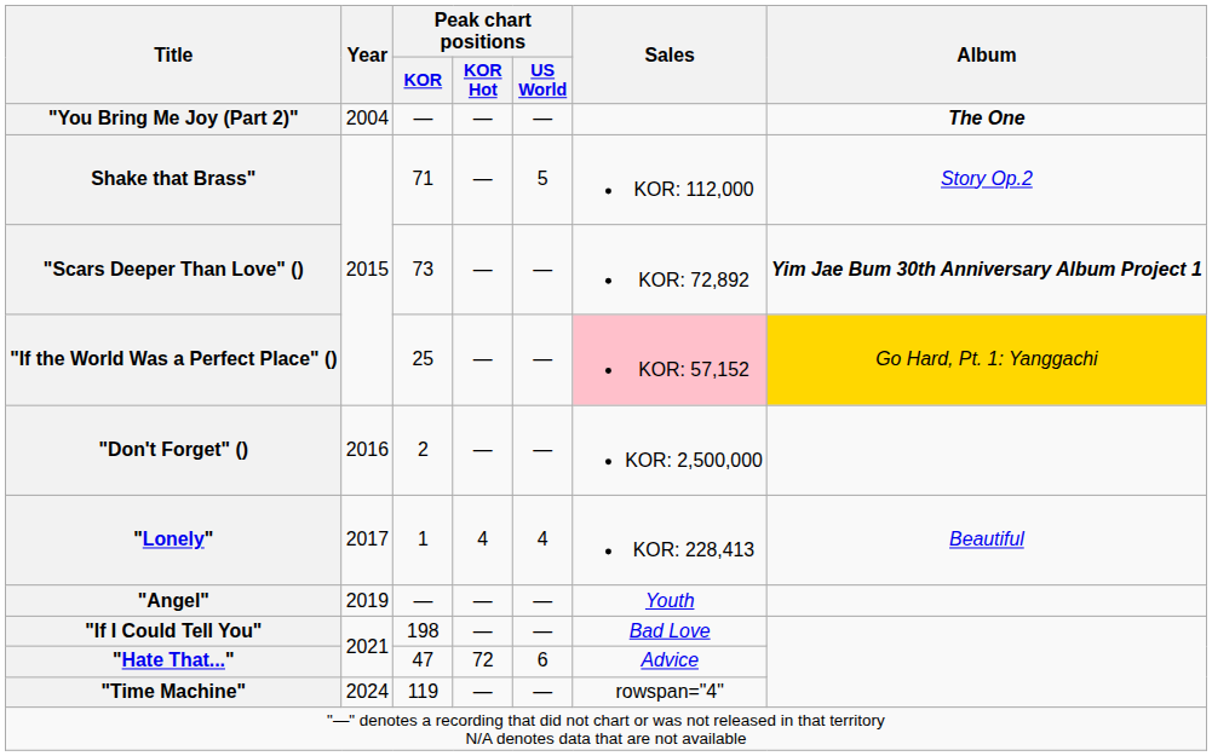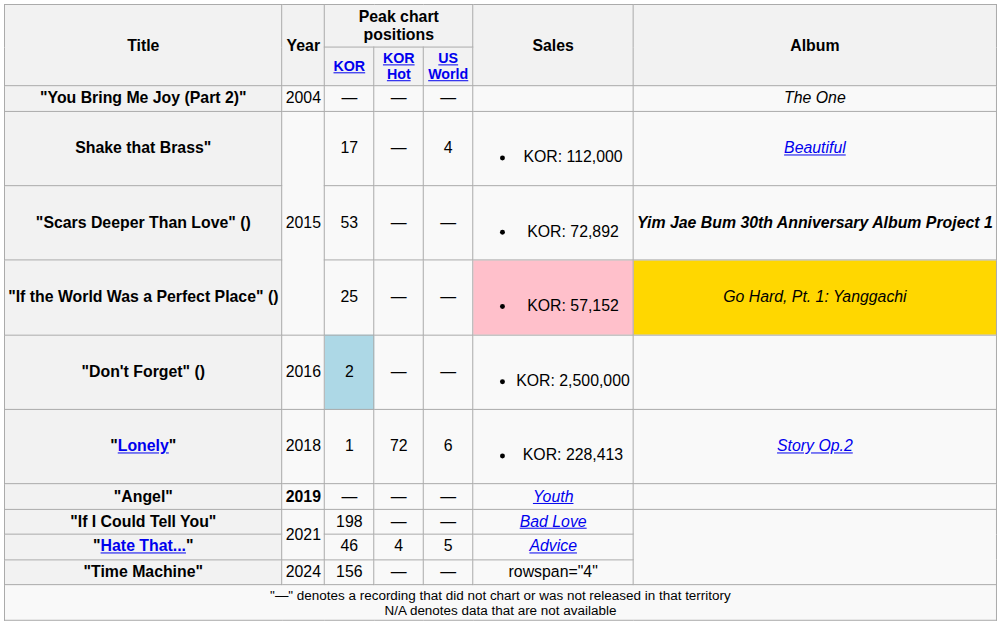 <table class="wikitable plainrowheaders" style="text-align:center">
 <tr>
 <th scope="col" rowspan="2">Title</th>
 <th scope="col" rowspan="2">Year</th>
 <th scope="col" colspan="3">Peak chart<br>positions</th>
 <th scope="col" rowspan="2">Sales</th>
 <th scope="col" rowspan="2">Album</th>
 </tr>
 <tr>
 <th scope="col" style="font-size:90%; width:3em"><a href='#'>KOR</a><br></th>
 <th scope="col" style="font-size:90%; width:3em"><a href='#'>KOR<br>Hot</a><br></th>
 <th scope="col" style="font-size:90%; width:3em"><a href='#'>US<br>World</a><br></th>
 </tr>
 <tr>
 <th scope="row">"You Bring Me Joy (Part 2)"<br></th>
 <td>2004</td>
 <td>—</td>
 <td>—</td>
 <td>—</td>
 <td></td>
-<td><strong><em>The One</em></strong></td>
+<td><em>The One</em></td>
 </tr>
 <tr>
 <th scope="row">Shake that Brass"<br></th>
 <td rowspan="3">2015</td>
-<td>71</td>
+<td>17</td>
 <td>—</td>
-<td>5</td>
+<td>4</td>
 <td><br><ul><li>KOR: 112,000</li></ul></td>
-<td><em><a href='#'>Story Op.2</a></em></td>
+<td><em><a href='#'>Beautiful</a></em></td>
 </tr>
 <tr>
 <th scope="row">"Scars Deeper Than Love" ()<br></th>
-<td>73</td>
+<td>53</td>
 <td>—</td>
 <td>—</td>
 <td><br><ul><li>KOR: 72,892</li></ul></td>
 <td><strong><em>Yim Jae Bum 30th Anniversary Album Project 1</em></strong></td>
 </tr>
 <tr>
 <th scope="row">"If the World Was a Perfect Place" ()<br></th>
 <td>25</td>
 <td>—</td>
 <td>—</td>
 <td style="background: pink;"><br><ul><li>KOR: 57,152</li></ul></td>
 <td style="background: gold;"><em>Go Hard, Pt. 1: Yanggachi</em></td>
 </tr>
 <tr>
 <th scope="row">"Don't Forget" ()<br></th>
 <td>2016</td>
-<td>2</td>
+<td style="background: lightblue;">2</td>
 <td>—</td>
 <td>—</td>
 <td><br><ul><li>KOR: 2,500,000</li></ul></td>
 <td></td>
 </tr>
 <tr>
 <th scope="row">"<a href='#'>Lonely</a>"<br></th>
-<td>2017</td>
+<td>2018</td>
 <td>1</td>
-<td>4</td>
-<td>4</td>
+<td>72</td>
+<td>6</td>
 <td><br><ul><li>KOR: 228,413</li></ul></td>
-<td><em><a href='#'>Beautiful</a></em></td>
+<td><em><a href='#'>Story Op.2</a></em></td>
 </tr>
 <tr>
 <th scope="row">"Angel"<br></th>
-<td>2019</td>
+<td><strong>2019</strong></td>
 <td>—</td>
 <td>—</td>
 <td>—</td>
 <td><em><a href='#'>Youth</a></em></td>
 <td></td>
 </tr>
 <tr>
 <th scope="row">"If I Could Tell You"<br></th>
 <td rowspan="2">2021</td>
 <td>198</td>
 <td>—</td>
 <td>—</td>
 <td><em><a href='#'>Bad Love</a></em></td>
 </tr>
 <tr>
 <th scope="row">"<a href='#'>Hate That...</a>"<br></th>
-<td>47</td>
-<td>72</td>
-<td>6</td>
+<td>46</td>
+<td>4</td>
+<td>5</td>
 <td><em><a href='#'>Advice</a></em></td>
 </tr>
 <tr>
 <th scope="row">"Time Machine"<br></th>
 <td>2024</td>
-<td>119</td>
+<td>156</td>
 <td>—</td>
 <td>—</td>
 <td>rowspan="4" </td>
 </tr>
 <tr>
 <td colspan="7" style="font-size:85%">"—" denotes a recording that did not chart or was not released in that territory<br>N/A denotes data that are not available</td>
 </tr>
 </table>
